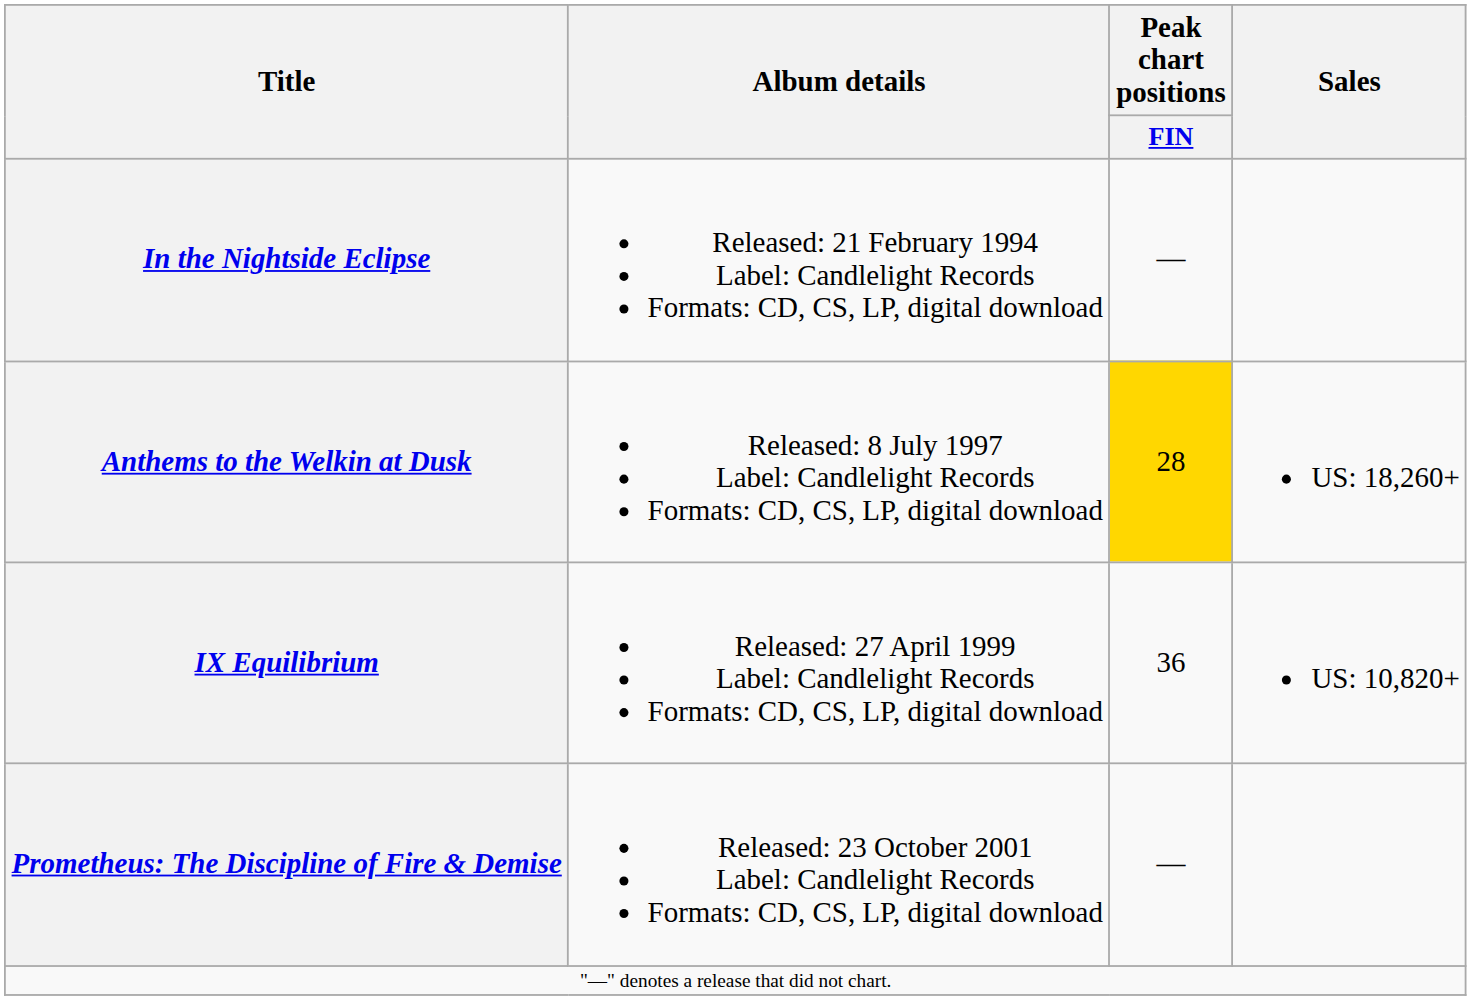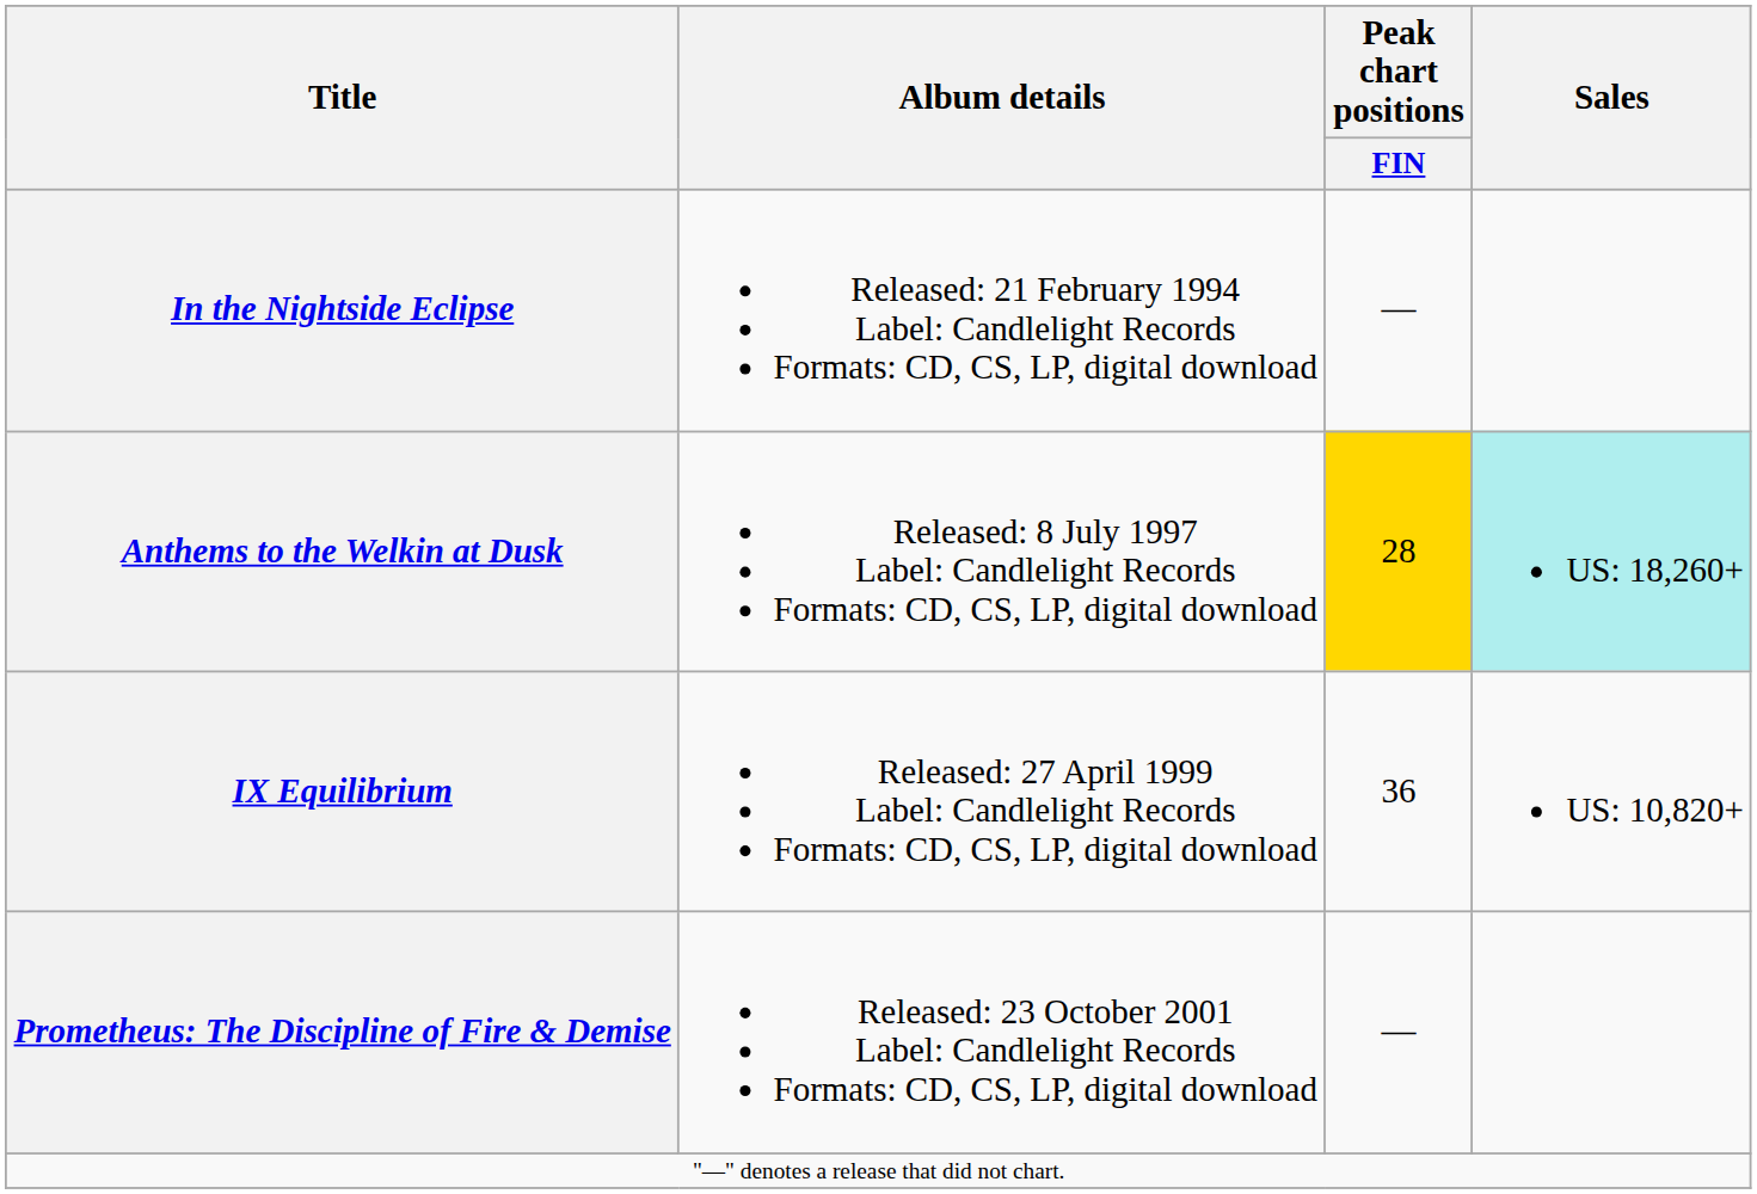 <table class="wikitable plainrowheaders" style="text-align:center;">
 <tr>
 <th scope="col" rowspan="2">Title</th>
 <th scope="col" rowspan="2">Album details</th>
 <th scope="col" colspan="1">Peak chart positions</th>
 <th scope="col" rowspan="2">Sales</th>
 </tr>
 <tr>
 <th scope="col" style="width:3em;font-size:90%;"><a href='#'>FIN</a><br></th>
 </tr>
 <tr>
 <th scope="row"><strong><em><a href='#'>In the Nightside Eclipse</a></em></strong></th>
 <td><br><ul><li>Released: 21 February 1994</li><li>Label: Candlelight Records</li><li>Formats: CD, CS, LP, digital download</li></ul></td>
 <td align="center">—</td>
 <td></td>
 </tr>
 <tr>
 <th scope="row"><strong><em><a href='#'>Anthems to the Welkin at Dusk</a></em></strong></th>
 <td><br><ul><li>Released: 8 July 1997</li><li>Label: Candlelight Records</li><li>Formats: CD, CS, LP, digital download</li></ul></td>
 <td align="center" style="background: gold;">28</td>
-<td><br><ul><li>US: 18,260+</li></ul></td>
+<td style="background: paleturquoise;"><br><ul><li>US: 18,260+</li></ul></td>
 </tr>
 <tr>
 <th scope="row"><strong><em><a href='#'>IX Equilibrium</a></em></strong></th>
 <td><br><ul><li>Released: 27 April 1999</li><li>Label: Candlelight Records</li><li>Formats: CD, CS, LP, digital download</li></ul></td>
 <td align="center">36</td>
 <td><br><ul><li>US: 10,820+</li></ul></td>
 </tr>
 <tr>
 <th scope="row"><strong><em><a href='#'>Prometheus: The Discipline of Fire & Demise</a></em></strong></th>
 <td><br><ul><li>Released: 23 October 2001</li><li>Label: Candlelight Records</li><li>Formats: CD, CS, LP, digital download</li></ul></td>
 <td align="center">—</td>
 <td></td>
 </tr>
 <tr>
 <td colspan=10 style=font-size:8pt;>"—" denotes a release that did not chart.</td>
 </tr>
 </table>
